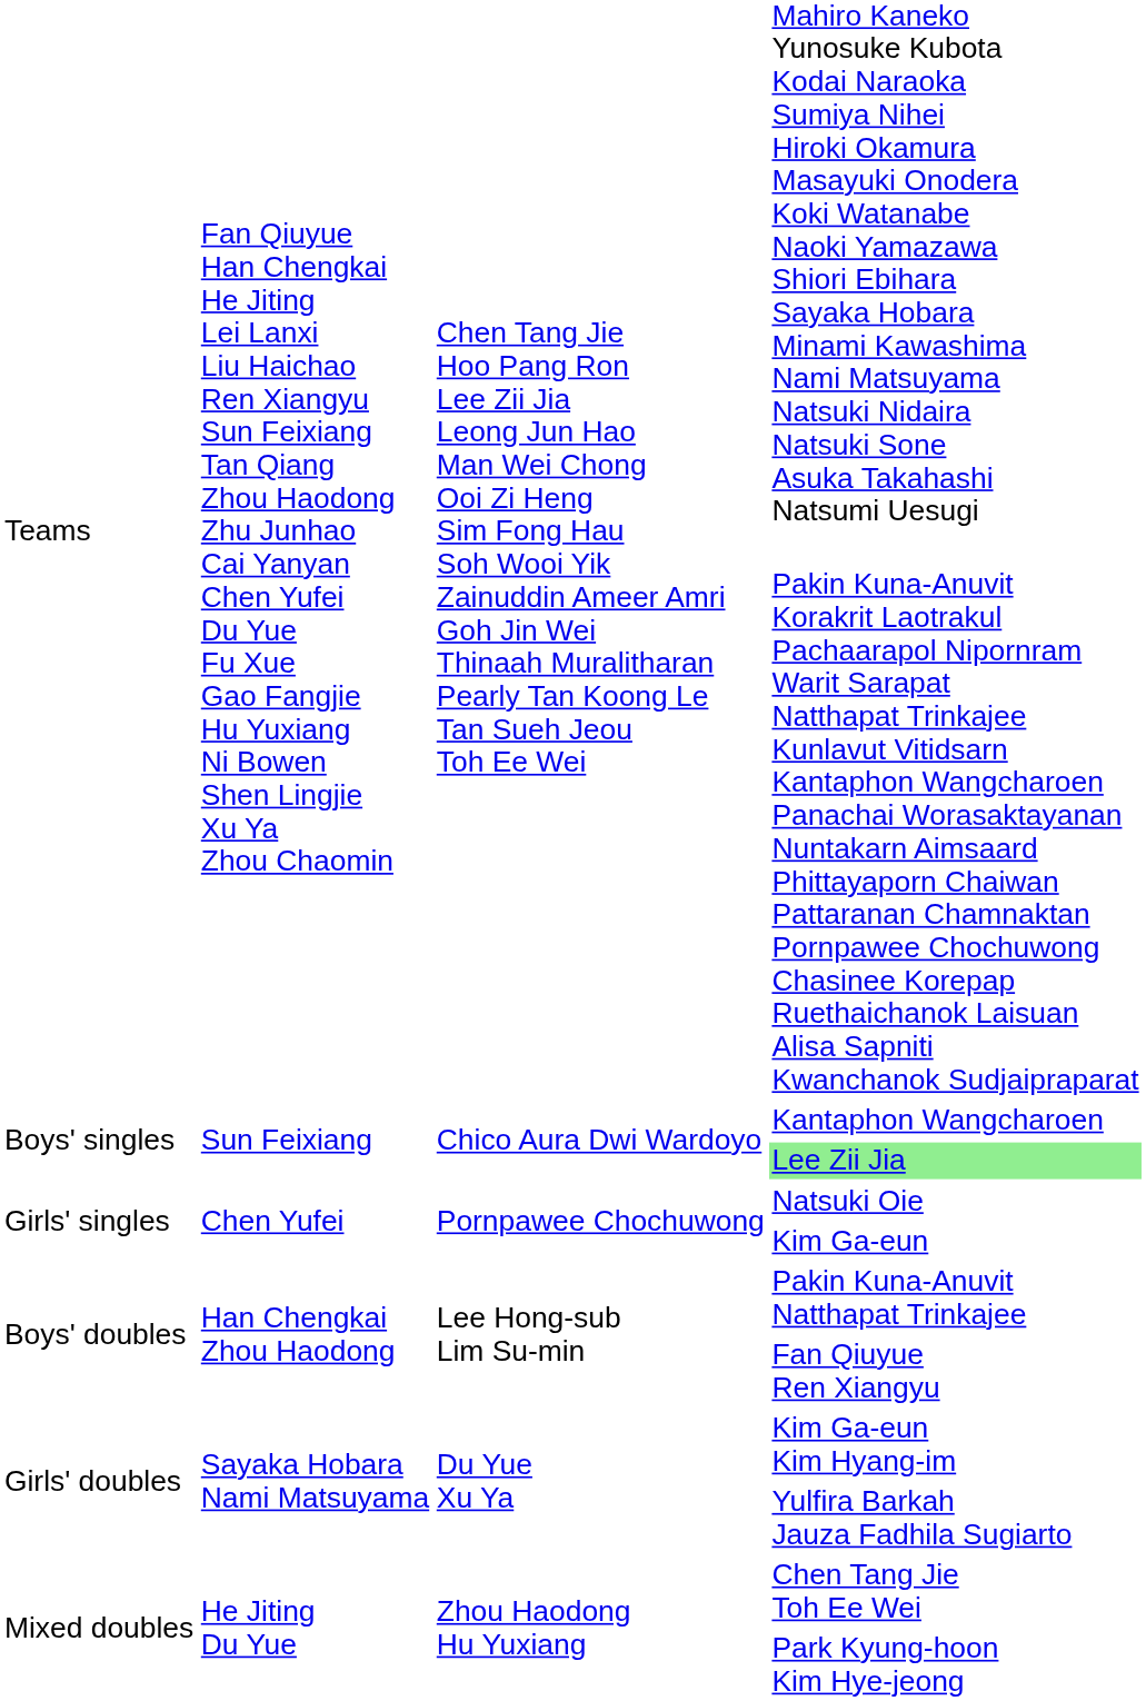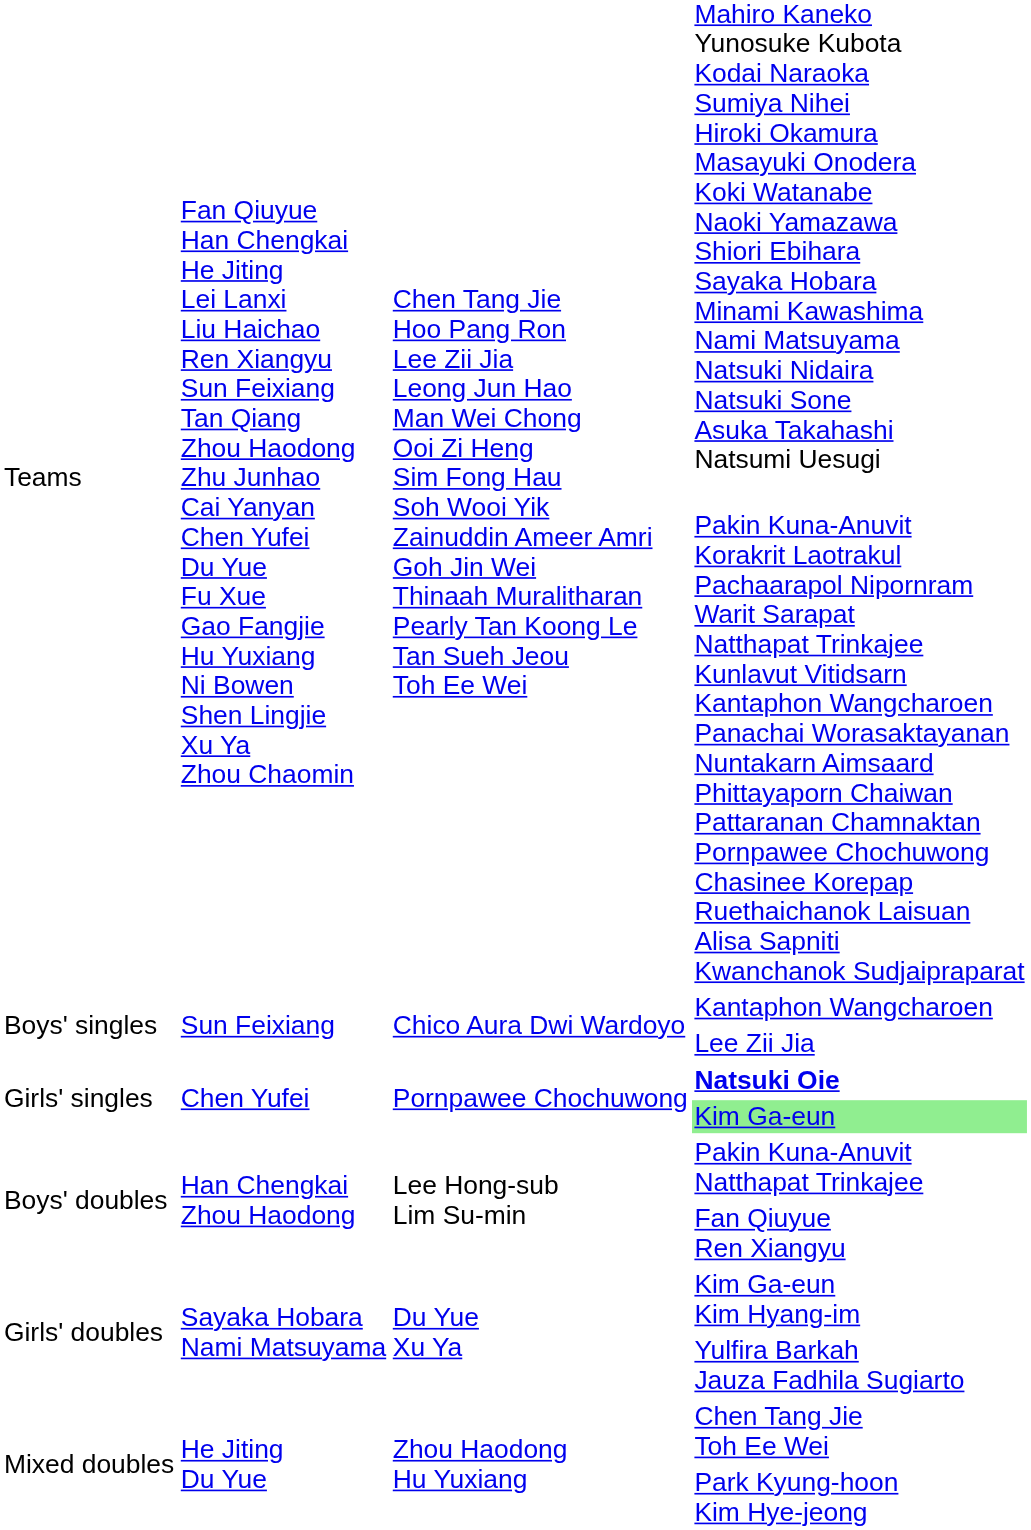 <table>
 <tr>
 <td rowspan=2>Teams<br></td>
 <td rowspan=2> <br><a href='#'>Fan Qiuyue</a><br><a href='#'>Han Chengkai</a><br><a href='#'>He Jiting</a><br><a href='#'>Lei Lanxi</a><br><a href='#'>Liu Haichao</a><br><a href='#'>Ren Xiangyu</a><br><a href='#'>Sun Feixiang</a><br><a href='#'>Tan Qiang</a><br><a href='#'>Zhou Haodong</a><br><a href='#'>Zhu Junhao</a><br><a href='#'>Cai Yanyan</a><br><a href='#'>Chen Yufei</a><br><a href='#'>Du Yue</a><br><a href='#'>Fu Xue</a><br><a href='#'>Gao Fangjie</a><br><a href='#'>Hu Yuxiang</a><br><a href='#'>Ni Bowen</a><br><a href='#'>Shen Lingjie</a><br><a href='#'>Xu Ya</a><br><a href='#'>Zhou Chaomin</a></td>
 <td rowspan=2> <br><a href='#'>Chen Tang Jie</a><br><a href='#'>Hoo Pang Ron</a><br><a href='#'>Lee Zii Jia</a><br><a href='#'>Leong Jun Hao</a><br><a href='#'>Man Wei Chong</a><br><a href='#'>Ooi Zi Heng</a><br><a href='#'>Sim Fong Hau</a><br><a href='#'>Soh Wooi Yik</a><br><a href='#'>Zainuddin Ameer Amri</a><br><a href='#'>Goh Jin Wei</a><br><a href='#'>Thinaah Muralitharan</a><br><a href='#'>Pearly Tan Koong Le</a><br><a href='#'>Tan Sueh Jeou</a><br><a href='#'>Toh Ee Wei</a></td>
 <td> <br><a href='#'>Mahiro Kaneko</a><br>Yunosuke Kubota<br><a href='#'>Kodai Naraoka</a><br><a href='#'>Sumiya Nihei</a><br><a href='#'>Hiroki Okamura</a><br><a href='#'>Masayuki Onodera</a><br><a href='#'>Koki Watanabe</a><br><a href='#'>Naoki Yamazawa</a><br><a href='#'>Shiori Ebihara</a><br><a href='#'>Sayaka Hobara</a><br><a href='#'>Minami Kawashima</a><br><a href='#'>Nami Matsuyama</a><br><a href='#'>Natsuki Nidaira</a><br><a href='#'>Natsuki Sone</a><br><a href='#'>Asuka Takahashi</a><br>Natsumi Uesugi</td>
 </tr>
 <tr>
 <td> <br><a href='#'>Pakin Kuna-Anuvit</a><br><a href='#'>Korakrit Laotrakul</a><br><a href='#'>Pachaarapol Nipornram</a><br><a href='#'>Warit Sarapat</a><br><a href='#'>Natthapat Trinkajee</a><br><a href='#'>Kunlavut Vitidsarn</a><br><a href='#'>Kantaphon Wangcharoen</a><br><a href='#'>Panachai Worasaktayanan</a><br><a href='#'>Nuntakarn Aimsaard</a><br><a href='#'>Phittayaporn Chaiwan</a><br><a href='#'>Pattaranan Chamnaktan</a><br><a href='#'>Pornpawee Chochuwong</a><br><a href='#'>Chasinee Korepap</a><br><a href='#'>Ruethaichanok Laisuan</a><br><a href='#'>Alisa Sapniti</a><br><a href='#'>Kwanchanok Sudjaipraparat</a></td>
 </tr>
 <tr>
 <td rowspan=2>Boys' singles<br></td>
 <td rowspan=2> <a href='#'>Sun Feixiang</a></td>
 <td rowspan=2> <a href='#'>Chico Aura Dwi Wardoyo</a></td>
 <td> <a href='#'>Kantaphon Wangcharoen</a></td>
 </tr>
 <tr>
-<td style="background: lightgreen;"> <a href='#'>Lee Zii Jia</a></td>
+<td> <a href='#'>Lee Zii Jia</a></td>
 </tr>
 <tr>
 <td rowspan=2>Girls' singles<br></td>
 <td rowspan=2> <a href='#'>Chen Yufei</a></td>
 <td rowspan=2> <a href='#'>Pornpawee Chochuwong</a></td>
-<td> <a href='#'>Natsuki Oie</a></td>
+<td><strong> <a href='#'>Natsuki Oie</a></strong></td>
 </tr>
 <tr>
-<td> <a href='#'>Kim Ga-eun</a></td>
+<td style="background: lightgreen;"> <a href='#'>Kim Ga-eun</a></td>
 </tr>
 <tr>
 <td rowspan=2>Boys' doubles<br></td>
 <td rowspan=2> <a href='#'>Han Chengkai</a> <br> <a href='#'>Zhou Haodong</a></td>
 <td rowspan=2> Lee Hong-sub <br> Lim Su-min</td>
 <td> <a href='#'>Pakin Kuna-Anuvit</a> <br> <a href='#'>Natthapat Trinkajee</a></td>
 </tr>
 <tr>
 <td> <a href='#'>Fan Qiuyue</a> <br> <a href='#'>Ren Xiangyu</a></td>
 </tr>
 <tr>
 <td rowspan=2>Girls' doubles<br></td>
 <td rowspan=2> <a href='#'>Sayaka Hobara</a> <br> <a href='#'>Nami Matsuyama</a></td>
 <td rowspan=2> <a href='#'>Du Yue</a> <br> <a href='#'>Xu Ya</a></td>
 <td> <a href='#'>Kim Ga-eun</a> <br> <a href='#'>Kim Hyang-im</a></td>
 </tr>
 <tr>
 <td> <a href='#'>Yulfira Barkah</a> <br> <a href='#'>Jauza Fadhila Sugiarto</a></td>
 </tr>
 <tr>
 <td rowspan=2>Mixed doubles<br></td>
 <td rowspan=2> <a href='#'>He Jiting</a> <br> <a href='#'>Du Yue</a></td>
 <td rowspan=2> <a href='#'>Zhou Haodong</a> <br> <a href='#'>Hu Yuxiang</a></td>
 <td> <a href='#'>Chen Tang Jie</a> <br> <a href='#'>Toh Ee Wei</a></td>
 </tr>
 <tr>
 <td> <a href='#'>Park Kyung-hoon</a> <br> <a href='#'>Kim Hye-jeong</a></td>
 </tr>
 </table>
